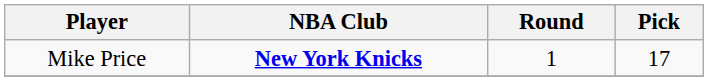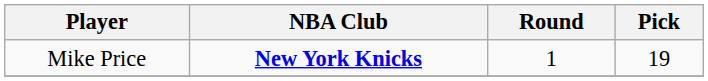 <table class="wikitable" width="500">
 <tr>
 <th>Player</th>
 <th>NBA Club</th>
 <th>Round</th>
 <th>Pick</th>
 </tr>
 <tr align="center" bgcolor="">
 <td>Mike Price</td>
 <td><strong><a href='#'>New York Knicks</a></strong></td>
 <td>1</td>
-<td>17</td>
+<td>19</td>
 </tr>
 <tr align="center" bgcolor="">
 </tr>
 </table>
